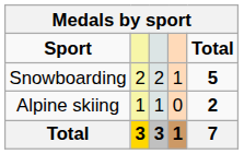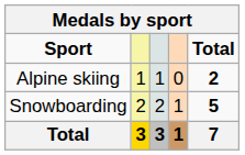 <table class="wikitable" style="font-size:85%">
 <tr style="background:#efefef;">
 <th colspan=5><strong>Medals by sport</strong></th>
 </tr>
 <tr align=center>
 <td><strong>Sport</strong></td>
 <td bgcolor=#f7f6a8></td>
 <td bgcolor=#dce5e5></td>
 <td bgcolor=#ffdab9></td>
 <td><strong>Total</strong></td>
 </tr>
 <tr align=center>
+<td>Alpine skiing</td>
+<td style="background:#F7F6A8;">1</td>
+<td style="background:#DCE5E5;">1</td>
+<td style="background:#FFDAB9;">0</td>
+<td><strong>2</strong></td>
+</tr>
+<tr align=center>
 <td>Snowboarding</td>
 <td style="background:#F7F6A8;">2</td>
 <td style="background:#DCE5E5;">2</td>
 <td style="background:#FFDAB9;">1</td>
 <td><strong>5</strong></td>
-</tr>
-<tr align=center>
-<td>Alpine skiing</td>
-<td style="background:#F7F6A8;">1</td>
-<td style="background:#DCE5E5;">1</td>
-<td style="background:#FFDAB9;">0</td>
-<td><strong>2</strong></td>
 </tr>
 <tr align=center>
 <th><strong>Total</strong></th>
 <th style="background:gold;"><strong>3</strong></th>
 <th style="background:silver;"><strong>3</strong></th>
 <th style="background:#c96;"><strong>1</strong></th>
 <th><strong>7</strong></th>
 </tr>
 </table>
